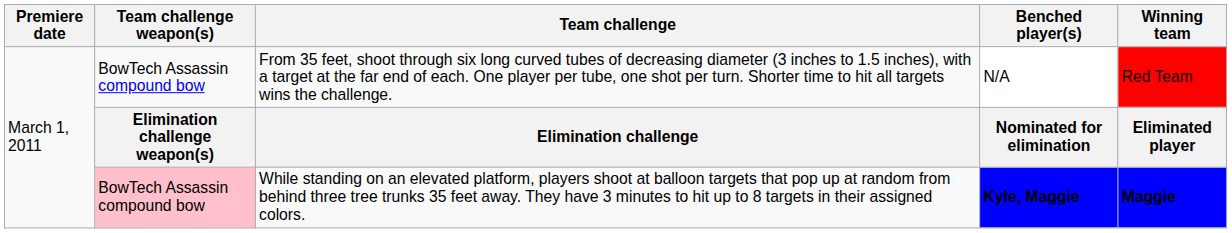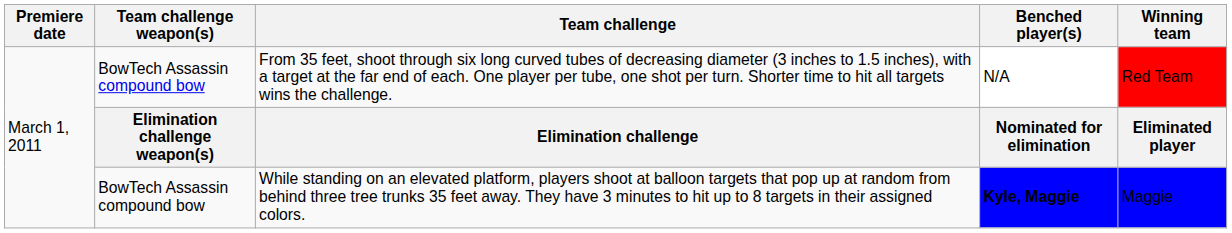 <table class="wikitable">
 <tr>
 <th>Premiere date</th>
 <th>Team challenge weapon(s)</th>
 <th>Team challenge</th>
 <th>Benched player(s)</th>
 <th>Winning team</th>
 </tr>
 <tr>
 <td rowspan="3">March 1, 2011</td>
 <td>BowTech Assassin <a href='#'>compound bow</a></td>
 <td>From 35 feet, shoot through six long curved tubes of decreasing diameter (3 inches to 1.5 inches), with a target at the far end of each. One player per tube, one shot per turn. Shorter time to hit all targets wins the challenge.</td>
 <td style="background:white;"><span>N/A</span></td>
 <td style="background:red;"><span>Red Team</span></td>
 </tr>
 <tr>
 <th>Elimination challenge weapon(s)</th>
 <th>Elimination challenge</th>
 <th>Nominated for elimination</th>
 <th>Eliminated player</th>
 </tr>
 <tr>
-<td style="background: pink;">BowTech Assassin compound bow</td>
+<td>BowTech Assassin compound bow</td>
 <td>While standing on an elevated platform, players shoot at balloon targets that pop up at random from behind three tree trunks 35 feet away. They have 3 minutes to hit up to 8 targets in their assigned colors.</td>
 <td style="background:blue;"><strong><span>Kyle, Maggie</span></strong></td>
-<td style="background:blue;"><strong><span>Maggie</span></strong></td>
+<td style="background:blue;"><span>Maggie</span></td>
 </tr>
 </table>
